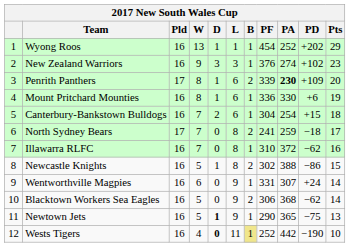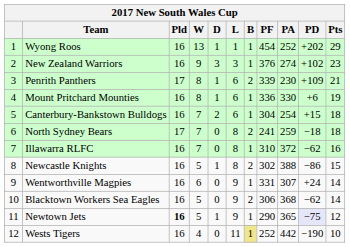 <table class="wikitable" style="text-align:center;">
 <tr>
 <th colspan="11">2017 New South Wales Cup</th>
 </tr>
 <tr>
 <th width="20" abbr="Position"></th>
 <th>Team</th>
 <th width="20" abbr="Played">Pld</th>
 <th width="20" abbr="Won">W</th>
 <th width="20" abbr="Drawn">D</th>
 <th width="20" abbr="Lost">L</th>
 <th abbr="Byes" withd="20">B</th>
 <th width="20" abbr="Points For">PF</th>
 <th width="20" abbr="Points Against">PA</th>
 <th width="30" abbr="Points Difference">PD</th>
 <th width="20" abbr="Points">Pts</th>
 </tr>
 <tr style="background: #ccffcc;">
 <td>1</td>
 <td style="text-align:left;"> Wyong Roos</td>
 <td>16</td>
 <td>13</td>
 <td>1</td>
 <td>1</td>
 <td>1</td>
 <td>454</td>
 <td>252</td>
 <td>+202</td>
 <td>29</td>
 </tr>
 <tr style="background: #ccffcc;">
 <td>2</td>
 <td style="text-align:left;"> New Zealand Warriors</td>
 <td>16</td>
 <td>9</td>
 <td>3</td>
 <td>3</td>
 <td>1</td>
 <td>376</td>
 <td>274</td>
 <td>+102</td>
 <td>23</td>
 </tr>
 <tr style="background: #ccffcc;">
 <td>3</td>
 <td style="text-align:left;"> Penrith Panthers</td>
 <td>17</td>
 <td>8</td>
 <td>1</td>
 <td>6</td>
 <td>2</td>
 <td>339</td>
-<td><strong>230</strong></td>
+<td>230</td>
 <td>+109</td>
-<td>20</td>
+<td>21</td>
 </tr>
 <tr style="background: #ccffcc;">
 <td>4</td>
 <td style="text-align:left;"> Mount Pritchard Mounties</td>
 <td>16</td>
 <td>8</td>
 <td>1</td>
 <td>6</td>
 <td>1</td>
 <td>336</td>
 <td>330</td>
 <td>+6</td>
 <td>19</td>
 </tr>
 <tr style="background: #ccffcc;">
 <td>5</td>
 <td style="text-align:left;"> Canterbury-Bankstown Bulldogs</td>
 <td>16</td>
 <td>7</td>
 <td>2</td>
 <td>6</td>
 <td>1</td>
 <td>304</td>
 <td>254</td>
 <td>+15</td>
 <td>18</td>
 </tr>
 <tr style="background: #ccffcc;">
 <td>6</td>
 <td style="text-align:left;"> North Sydney Bears</td>
 <td>17</td>
 <td>7</td>
 <td>0</td>
 <td>8</td>
 <td>2</td>
 <td>241</td>
 <td>259</td>
 <td>−18</td>
-<td>17</td>
+<td>18</td>
 </tr>
 <tr style="background: #ccffcc;">
 <td>7</td>
 <td style="text-align:left;"> Illawarra RLFC</td>
 <td>16</td>
 <td>7</td>
 <td>0</td>
 <td>8</td>
 <td>1</td>
 <td>310</td>
 <td>372</td>
 <td>−62</td>
 <td>16</td>
 </tr>
 <tr style="background: #">
 <td>8</td>
 <td style="text-align:left;"> Newcastle Knights</td>
 <td>16</td>
 <td>5</td>
 <td>1</td>
 <td>8</td>
 <td>2</td>
 <td>302</td>
 <td>388</td>
 <td>−86</td>
 <td>15</td>
 </tr>
 <tr>
 <td>9</td>
 <td style="text-align:left;"> Wentworthville Magpies</td>
 <td>16</td>
 <td>6</td>
 <td>0</td>
 <td>9</td>
 <td>1</td>
 <td>331</td>
 <td>307</td>
 <td>+24</td>
 <td>14</td>
 </tr>
 <tr>
 <td>10</td>
 <td style="text-align:left;"> Blacktown Workers Sea Eagles</td>
 <td>16</td>
 <td>5</td>
 <td>0</td>
 <td>9</td>
 <td>2</td>
 <td>306</td>
 <td>368</td>
 <td>−62</td>
 <td>14</td>
 </tr>
 <tr>
 <td>11</td>
 <td style="text-align:left;"> Newtown Jets</td>
-<td>16</td>
+<td><strong>16</strong></td>
 <td>5</td>
-<td><strong>1</strong></td>
+<td>1</td>
 <td>9</td>
 <td>1</td>
 <td>290</td>
 <td>365</td>
-<td>−75</td>
-<td>13</td>
+<td style="background: lavender;">−75</td>
+<td>12</td>
 </tr>
 <tr>
 <td>12</td>
 <td style="text-align:left;"> Wests Tigers</td>
 <td>16</td>
 <td>4</td>
-<td><strong>0</strong></td>
+<td>0</td>
 <td>11</td>
 <td style="background: khaki;">1</td>
 <td>252</td>
 <td>442</td>
 <td>−190</td>
 <td>10</td>
 </tr>
 </table>
